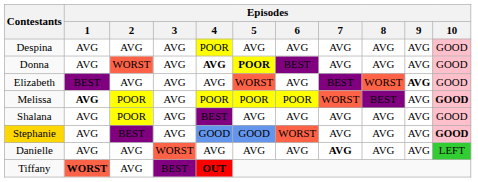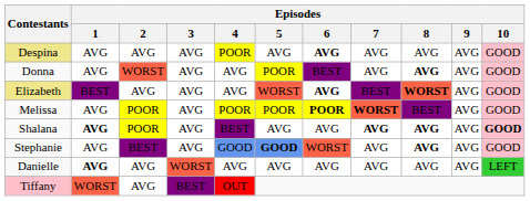 <table class="wikitable" style="text-align:center">
 <tr>
 <th rowspan=2>Contestants</th>
 <th colspan=10>Episodes</th>
 </tr>
 <tr>
 <th>1</th>
 <th>2</th>
 <th>3</th>
 <th>4</th>
 <th>5</th>
 <th>6</th>
 <th>7</th>
 <th>8</th>
 <th>9</th>
 <th>10</th>
 </tr>
 <tr>
-<td>Despina</td>
+<td style="background: khaki;">Despina</td>
 <td bgcolor="white">AVG</td>
 <td bgcolor="white">AVG</td>
 <td bgcolor="white">AVG</td>
 <td bgcolor="yellow">POOR</td>
 <td bgcolor="white">AVG</td>
-<td bgcolor="white">AVG</td>
+<td bgcolor="white"><strong>AVG</strong></td>
 <td bgcolor="white">AVG</td>
 <td bgcolor="white">AVG</td>
 <td bgcolor="white">AVG</td>
 <td bgcolor="pink">GOOD</td>
 </tr>
 <tr>
 <td>Donna</td>
 <td bgcolor="white">AVG</td>
 <td bgcolor="tomato">WORST</td>
 <td bgcolor="white">AVG</td>
-<td bgcolor="white"><strong>AVG</strong></td>
-<td bgcolor="yellow"><strong>POOR</strong></td>
+<td bgcolor="white">AVG</td>
+<td bgcolor="yellow">POOR</td>
 <td bgcolor="purple"><span>BEST</span></td>
 <td bgcolor="white">AVG</td>
-<td bgcolor="white">AVG</td>
+<td bgcolor="white"><strong>AVG</strong></td>
 <td bgcolor="white">AVG</td>
 <td bgcolor="pink">GOOD</td>
 </tr>
 <tr>
-<td>Elizabeth</td>
+<td style="background: khaki;">Elizabeth</td>
 <td bgcolor="purple"><span>BEST</span></td>
 <td bgcolor="white">AVG</td>
 <td bgcolor="white">AVG</td>
 <td bgcolor="white">AVG</td>
 <td bgcolor="tomato">WORST</td>
+<td bgcolor="white"><strong>AVG</strong></td>
+<td bgcolor="purple"><span>BEST</span></td>
+<td bgcolor="tomato"><strong>WORST</strong></td>
 <td bgcolor="white">AVG</td>
-<td bgcolor="purple"><span>BEST</span></td>
-<td bgcolor="tomato">WORST</td>
-<td bgcolor="white"><strong>AVG</strong></td>
 <td bgcolor="pink">GOOD</td>
 </tr>
 <tr>
 <td>Melissa</td>
-<td bgcolor="white"><strong>AVG</strong></td>
+<td bgcolor="white">AVG</td>
 <td bgcolor="yellow">POOR</td>
 <td bgcolor="white">AVG</td>
 <td bgcolor="yellow">POOR</td>
 <td bgcolor="yellow">POOR</td>
-<td bgcolor="yellow">POOR</td>
-<td bgcolor="tomato">WORST</td>
+<td bgcolor="yellow"><strong>POOR</strong></td>
+<td bgcolor="tomato"><strong>WORST</strong></td>
 <td bgcolor="purple"><span>BEST</span></td>
 <td bgcolor="white">AVG</td>
-<td bgcolor="pink"><strong>GOOD</strong></td>
+<td bgcolor="pink">GOOD</td>
 </tr>
 <tr>
 <td>Shalana</td>
-<td bgcolor="white">AVG</td>
+<td bgcolor="white"><strong>AVG</strong></td>
 <td bgcolor="yellow">POOR</td>
 <td bgcolor="white">AVG</td>
 <td bgcolor="purple"><span>BEST</span></td>
 <td bgcolor="white">AVG</td>
 <td bgcolor="white">AVG</td>
+<td bgcolor="white"><strong>AVG</strong></td>
+<td bgcolor="white"><strong>AVG</strong></td>
 <td bgcolor="white">AVG</td>
+<td bgcolor="pink"><strong>GOOD</strong></td>
+</tr>
+<tr>
+<td>Stephanie</td>
 <td bgcolor="white">AVG</td>
+<td bgcolor="purple"><span>BEST</span></td>
+<td bgcolor="white">AVG</td>
+<td bgcolor="cornflowerblue">GOOD</td>
+<td bgcolor="cornflowerblue"><strong>GOOD</strong></td>
+<td bgcolor="tomato">WORST</td>
+<td bgcolor="white">AVG</td>
+<td bgcolor="white"><strong>AVG</strong></td>
 <td bgcolor="white">AVG</td>
 <td bgcolor="pink">GOOD</td>
 </tr>
 <tr>
-<td style="background: gold;">Stephanie</td>
-<td bgcolor="white">AVG</td>
-<td bgcolor="purple"><span>BEST</span></td>
-<td bgcolor="white">AVG</td>
-<td bgcolor="cornflowerblue">GOOD</td>
-<td bgcolor="cornflowerblue">GOOD</td>
-<td bgcolor="tomato">WORST</td>
-<td bgcolor="white">AVG</td>
-<td bgcolor="white">AVG</td>
-<td bgcolor="white">AVG</td>
-<td bgcolor="pink"><strong>GOOD</strong></td>
-</tr>
-<tr>
 <td>Danielle</td>
-<td bgcolor="white">AVG</td>
+<td bgcolor="white"><strong>AVG</strong></td>
 <td bgcolor="white">AVG</td>
 <td bgcolor="tomato">WORST</td>
 <td bgcolor="white">AVG</td>
 <td bgcolor="white">AVG</td>
 <td bgcolor="white">AVG</td>
-<td bgcolor="white"><strong>AVG</strong></td>
+<td bgcolor="white">AVG</td>
 <td bgcolor="white">AVG</td>
 <td bgcolor="white">AVG</td>
 <td bgcolor="limegreen">LEFT</td>
 </tr>
 <tr>
-<td>Tiffany</td>
-<td bgcolor="tomato"><strong>WORST</strong></td>
+<td style="background: pink;">Tiffany</td>
+<td bgcolor="tomato">WORST</td>
 <td bgcolor="white">AVG</td>
 <td bgcolor="purple"><span>BEST</span></td>
-<td bgcolor="red"><strong>OUT</strong></td>
+<td bgcolor="red">OUT</td>
 </tr>
 </table>
